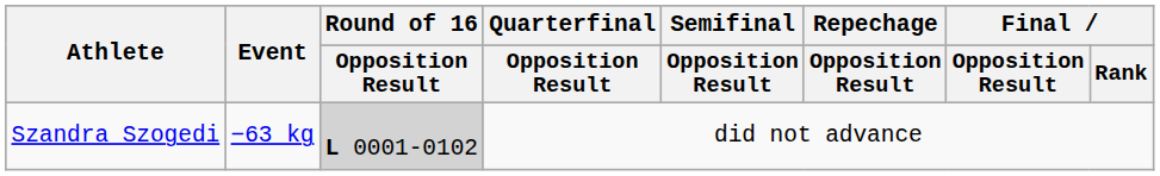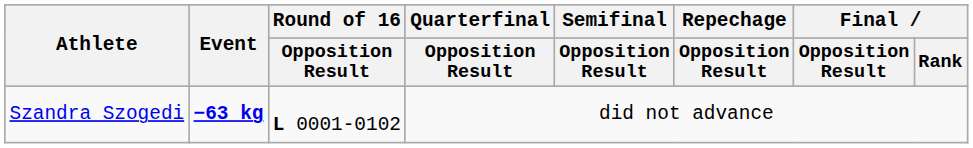 <table class="wikitable" style="font-size:90%">
 <tr>
 <th rowspan=2>Athlete</th>
 <th rowspan=2>Event</th>
 <th>Round of 16</th>
 <th>Quarterfinal</th>
 <th>Semifinal</th>
 <th>Repechage</th>
 <th colspan=2>Final / </th>
 </tr>
 <tr style="font-size: 95%">
 <th>Opposition<br>Result</th>
 <th>Opposition<br>Result</th>
 <th>Opposition<br>Result</th>
 <th>Opposition<br>Result</th>
 <th>Opposition<br>Result</th>
 <th>Rank</th>
 </tr>
 <tr align=center>
 <td align=left><a href='#'>Szandra Szogedi</a></td>
-<td align=left><a href='#'>−63 kg</a></td>
-<td style="background: lightgrey;"><br><strong>L</strong> 0001-0102</td>
+<td align=left><strong><a href='#'>−63 kg</a></strong></td>
+<td><br><strong>L</strong> 0001-0102</td>
 <td colspan=5>did not advance</td>
 </tr>
 </table>
